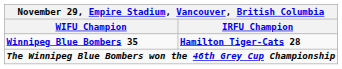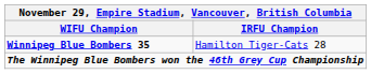 <table class="wikitable">
 <tr>
 <th colspan="2">November 29, <a href='#'>Empire Stadium</a>, <a href='#'>Vancouver</a>, <a href='#'>British Columbia</a></th>
 </tr>
 <tr>
 <th><a href='#'>WIFU Champion</a></th>
 <th><a href='#'>IRFU Champion</a></th>
 </tr>
 <tr>
 <td><strong><a href='#'>Winnipeg Blue Bombers</a> 35</strong></td>
-<td><strong><a href='#'>Hamilton Tiger-Cats</a> 28</strong></td>
+<td><a href='#'>Hamilton Tiger-Cats</a> 28</td>
 </tr>
 <tr>
 <td colspan="2"><strong><em>The Winnipeg Blue Bombers won the <a href='#'>46th Grey Cup</a> Championship</em></strong></td>
 </tr>
 </table>
